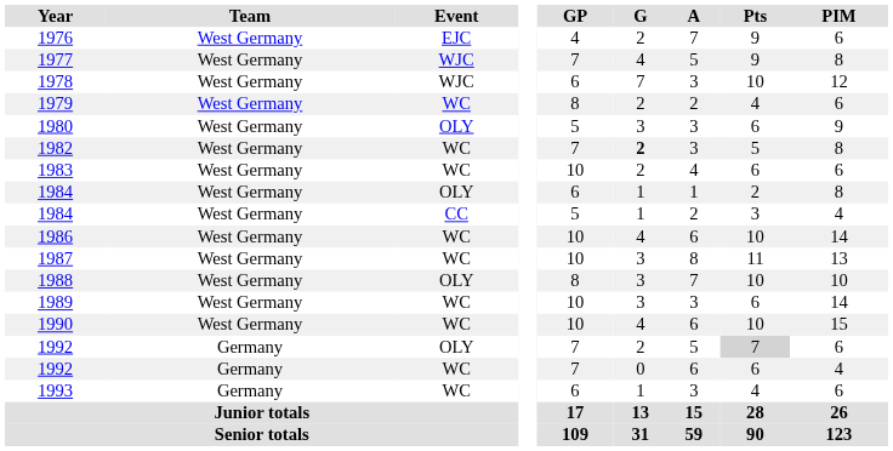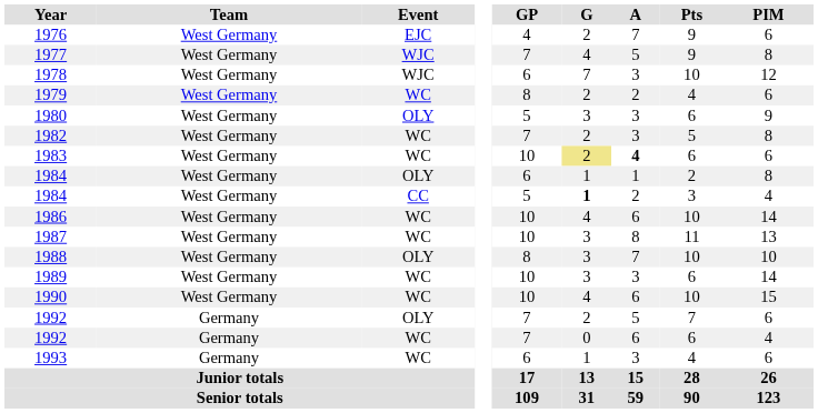 <table border="0" cellpadding="1" cellspacing="0" style="text-align:center; width:50em">
 <tr ALIGN="center" bgcolor="#e0e0e0">
 <th>Year</th>
 <th>Team</th>
 <th>Event</th>
 <th rowspan="99" bgcolor="#ffffff"> </th>
 <th>GP</th>
 <th>G</th>
 <th>A</th>
 <th>Pts</th>
 <th>PIM</th>
 </tr>
 <tr>
 <td><a href='#'>1976</a></td>
 <td><a href='#'>West Germany</a></td>
 <td><a href='#'>EJC</a></td>
 <td>4</td>
 <td>2</td>
 <td>7</td>
 <td>9</td>
 <td>6</td>
 </tr>
 <tr bgcolor="#f0f0f0">
 <td><a href='#'>1977</a></td>
 <td>West Germany</td>
 <td><a href='#'>WJC</a></td>
 <td>7</td>
 <td>4</td>
 <td>5</td>
 <td>9</td>
 <td>8</td>
 </tr>
 <tr>
 <td><a href='#'>1978</a></td>
 <td>West Germany</td>
 <td>WJC</td>
 <td>6</td>
 <td>7</td>
 <td>3</td>
 <td>10</td>
 <td>12</td>
 </tr>
 <tr bgcolor="#f0f0f0">
 <td><a href='#'>1979</a></td>
 <td><a href='#'>West Germany</a></td>
 <td><a href='#'>WC</a></td>
 <td>8</td>
 <td>2</td>
 <td>2</td>
 <td>4</td>
 <td>6</td>
 </tr>
 <tr>
 <td><a href='#'>1980</a></td>
 <td>West Germany</td>
 <td><a href='#'>OLY</a></td>
 <td>5</td>
 <td>3</td>
 <td>3</td>
 <td>6</td>
 <td>9</td>
 </tr>
 <tr bgcolor="#f0f0f0">
 <td><a href='#'>1982</a></td>
 <td>West Germany</td>
 <td>WC</td>
 <td>7</td>
-<td><strong>2</strong></td>
+<td>2</td>
 <td>3</td>
 <td>5</td>
 <td>8</td>
 </tr>
 <tr>
 <td><a href='#'>1983</a></td>
 <td>West Germany</td>
 <td>WC</td>
 <td>10</td>
-<td>2</td>
-<td>4</td>
+<td style="background: khaki;">2</td>
+<td><strong>4</strong></td>
 <td>6</td>
 <td>6</td>
 </tr>
 <tr bgcolor="#f0f0f0">
 <td><a href='#'>1984</a></td>
 <td>West Germany</td>
 <td>OLY</td>
 <td>6</td>
 <td>1</td>
 <td>1</td>
 <td>2</td>
 <td>8</td>
 </tr>
 <tr>
 <td><a href='#'>1984</a></td>
 <td>West Germany</td>
 <td><a href='#'>CC</a></td>
 <td>5</td>
-<td>1</td>
+<td><strong>1</strong></td>
 <td>2</td>
 <td>3</td>
 <td>4</td>
 </tr>
 <tr bgcolor="#f0f0f0">
 <td><a href='#'>1986</a></td>
 <td>West Germany</td>
 <td>WC</td>
 <td>10</td>
 <td>4</td>
 <td>6</td>
 <td>10</td>
 <td>14</td>
 </tr>
 <tr>
 <td><a href='#'>1987</a></td>
 <td>West Germany</td>
 <td>WC</td>
 <td>10</td>
 <td>3</td>
 <td>8</td>
 <td>11</td>
 <td>13</td>
 </tr>
 <tr bgcolor="#f0f0f0">
 <td><a href='#'>1988</a></td>
 <td>West Germany</td>
 <td>OLY</td>
 <td>8</td>
 <td>3</td>
 <td>7</td>
 <td>10</td>
 <td>10</td>
 </tr>
 <tr>
 <td><a href='#'>1989</a></td>
 <td>West Germany</td>
 <td>WC</td>
 <td>10</td>
 <td>3</td>
 <td>3</td>
 <td>6</td>
 <td>14</td>
 </tr>
 <tr bgcolor="#f0f0f0">
 <td><a href='#'>1990</a></td>
 <td>West Germany</td>
 <td>WC</td>
 <td>10</td>
 <td>4</td>
 <td>6</td>
 <td>10</td>
 <td>15</td>
 </tr>
 <tr>
 <td><a href='#'>1992</a></td>
 <td>Germany</td>
 <td>OLY</td>
 <td>7</td>
 <td>2</td>
 <td>5</td>
-<td style="background: lightgrey;">7</td>
+<td>7</td>
 <td>6</td>
 </tr>
 <tr bgcolor="#f0f0f0">
 <td><a href='#'>1992</a></td>
 <td>Germany</td>
 <td>WC</td>
 <td>7</td>
 <td>0</td>
 <td>6</td>
 <td>6</td>
 <td>4</td>
 </tr>
 <tr>
 <td><a href='#'>1993</a></td>
 <td>Germany</td>
 <td>WC</td>
 <td>6</td>
 <td>1</td>
 <td>3</td>
 <td>4</td>
 <td>6</td>
 </tr>
 <tr bgcolor="#e0e0e0">
 <th colspan=3>Junior totals</th>
 <th>17</th>
 <th>13</th>
 <th>15</th>
 <th>28</th>
 <th>26</th>
 </tr>
 <tr bgcolor="#e0e0e0">
 <th colspan=3>Senior totals</th>
 <th>109</th>
 <th>31</th>
 <th>59</th>
 <th>90</th>
 <th>123</th>
 </tr>
 </table>
